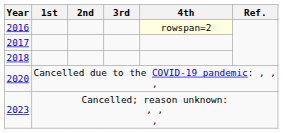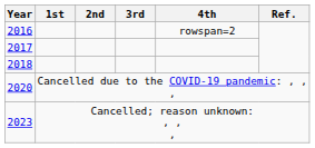 <table class="wikitable" style="text-align: center;">
 <tr>
 <th>Year</th>
 <th>1st</th>
 <th>2nd</th>
 <th>3rd</th>
 <th>4th</th>
 <th>Ref.</th>
 </tr>
 <tr>
 <td> <a href='#'>2016</a></td>
 <td><strong></strong></td>
 <td></td>
 <td></td>
-<td style="background: lightyellow;">rowspan=2</td>
+<td>rowspan=2</td>
 <td rowspan=3></td>
 </tr>
 <tr>
 <td>  <a href='#'>2017</a></td>
 <td><strong></strong></td>
 <td></td>
 <td></td>
 </tr>
 <tr>
 <td> <a href='#'>2018</a></td>
 <td><strong></strong></td>
 <td></td>
 <td></td>
 <td></td>
 </tr>
 <tr>
 <td> <a href='#'>2020</a></td>
 <td colspan=5>Cancelled due to the <a href='#'>COVID-19 pandemic</a>: , ,<br>, </td>
 </tr>
 <tr>
 <td> <a href='#'>2023</a></td>
 <td colspan=5>Cancelled; reason unknown:<br>, ,<br>, </td>
 </tr>
 </table>
